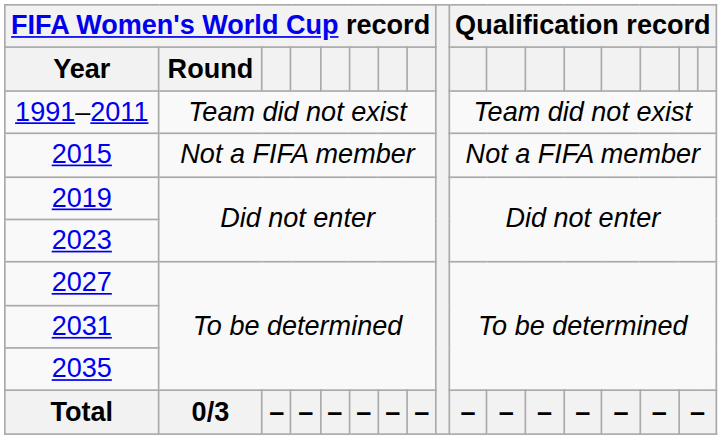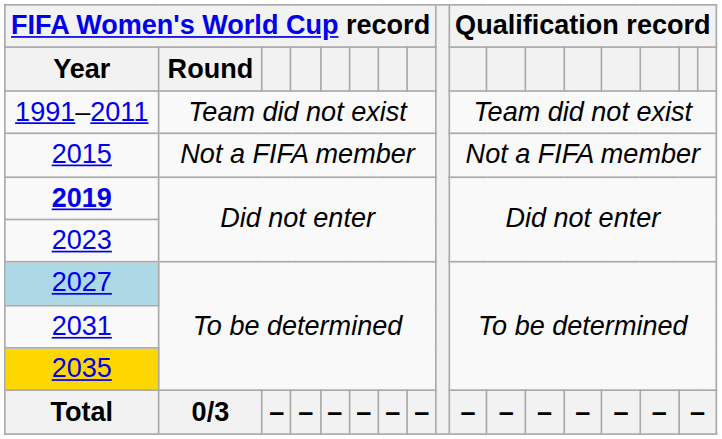 <table class="wikitable" style="text-align: center;">
 <tr>
 <th colspan=8><a href='#'>FIFA Women's World Cup</a> record</th>
 <th rowspan=100></th>
 <th colspan=8>Qualification record</th>
 </tr>
 <tr>
 <th>Year<br></th>
 <th>Round</th>
 <th></th>
 <th></th>
 <th></th>
 <th></th>
 <th></th>
 <th><br></th>
 <th></th>
 <th></th>
 <th></th>
 <th></th>
 <th></th>
 <th></th>
 <th></th>
 <th></th>
 </tr>
 <tr>
 <td><a href='#'>1991</a>–<a href='#'>2011</a></td>
 <td colspan=7><em>Team did not exist</em></td>
 <td colspan=8><em>Team did not exist</em></td>
 </tr>
 <tr>
 <td> <a href='#'>2015</a></td>
 <td colspan=7><em>Not a FIFA member</em></td>
 <td colspan=8><em>Not a FIFA member</em></td>
 </tr>
 <tr>
-<td> <a href='#'>2019</a></td>
+<td><strong> <a href='#'>2019</a></strong></td>
 <td colspan=7 rowspan=2><em>Did not enter</em></td>
 <td colspan=8 rowspan=2><em>Did not enter</em></td>
 </tr>
 <tr>
 <td> <a href='#'>2023</a></td>
 </tr>
 <tr>
-<td> <a href='#'>2027</a></td>
+<td style="background: lightblue;"> <a href='#'>2027</a></td>
 <td colspan=7 rowspan=3><em>To be determined</em></td>
 <td colspan=8 rowspan=3><em>To be determined</em></td>
 </tr>
 <tr>
 <td> <a href='#'>2031</a></td>
 </tr>
 <tr>
-<td> <a href='#'>2035</a></td>
+<td style="background: gold;"> <a href='#'>2035</a></td>
 </tr>
 <tr>
 <th><strong>Total</strong></th>
 <th>0/3</th>
 <th>–</th>
 <th>–</th>
 <th>–</th>
 <th>–</th>
 <th>–</th>
 <th>–<br></th>
 <th>–</th>
 <th>–</th>
 <th>–</th>
 <th>–</th>
 <th>–</th>
 <th>–</th>
 <th colspan=2>–</th>
 </tr>
 </table>
